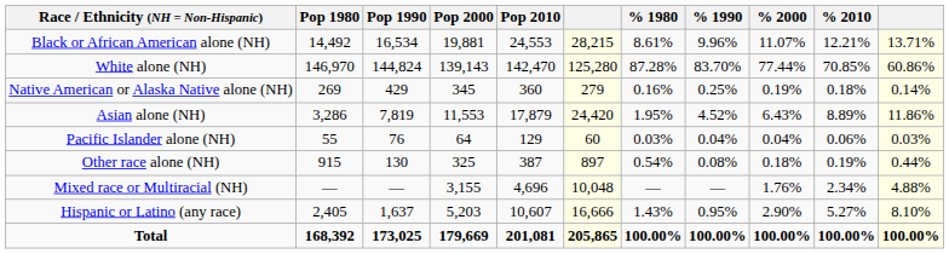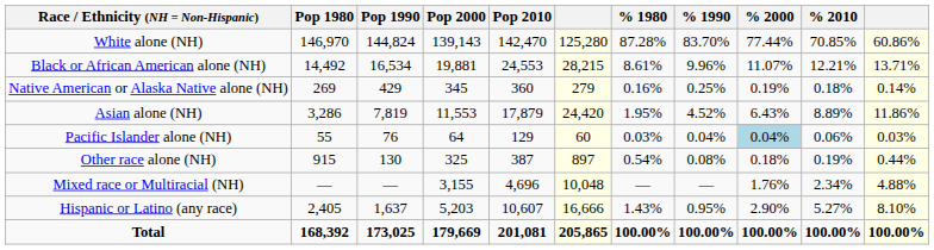 <table class="wikitable" style="text-align:center;">
 <tr>
 <th>Race / Ethnicity <small>(<em>NH = Non-Hispanic</em>)</small></th>
 <th>Pop 1980</th>
 <th>Pop 1990</th>
 <th>Pop 2000</th>
 <th>Pop 2010</th>
 <th></th>
 <th>% 1980</th>
 <th>% 1990</th>
 <th>% 2000</th>
 <th>% 2010</th>
 <th></th>
 </tr>
 <tr>
+<td><a href='#'>White</a> alone (NH)</td>
+<td>146,970</td>
+<td>144,824</td>
+<td>139,143</td>
+<td>142,470</td>
+<td style='background: #ffffe6;'>125,280</td>
+<td>87.28%</td>
+<td>83.70%</td>
+<td>77.44%</td>
+<td>70.85%</td>
+<td style='background: #ffffe6;'>60.86%</td>
+</tr>
+<tr>
 <td><a href='#'>Black or African American</a> alone (NH)</td>
 <td>14,492</td>
 <td>16,534</td>
 <td>19,881</td>
 <td>24,553</td>
 <td style='background: #ffffe6;'>28,215</td>
 <td>8.61%</td>
 <td>9.96%</td>
 <td>11.07%</td>
 <td>12.21%</td>
 <td style='background: #ffffe6;'>13.71%</td>
-</tr>
-<tr>
-<td><a href='#'>White</a> alone (NH)</td>
-<td>146,970</td>
-<td>144,824</td>
-<td>139,143</td>
-<td>142,470</td>
-<td style='background: #ffffe6;'>125,280</td>
-<td>87.28%</td>
-<td>83.70%</td>
-<td>77.44%</td>
-<td>70.85%</td>
-<td style='background: #ffffe6;'>60.86%</td>
 </tr>
 <tr>
 <td><a href='#'>Native American</a> or <a href='#'>Alaska Native</a> alone (NH)</td>
 <td>269</td>
 <td>429</td>
 <td>345</td>
 <td>360</td>
 <td style='background: #ffffe6;'>279</td>
 <td>0.16%</td>
 <td>0.25%</td>
 <td>0.19%</td>
 <td>0.18%</td>
 <td style='background: #ffffe6;'>0.14%</td>
 </tr>
 <tr>
 <td><a href='#'>Asian</a> alone (NH) </td>
 <td>3,286 </td>
 <td>7,819 </td>
 <td>11,553</td>
 <td>17,879</td>
 <td style='background: #ffffe6;'>24,420</td>
 <td>1.95%</td>
 <td>4.52% </td>
 <td>6.43%</td>
 <td>8.89%</td>
 <td style='background: #ffffe6;'>11.86%</td>
 </tr>
 <tr>
 <td><a href='#'>Pacific Islander</a> alone (NH)</td>
 <td>55 </td>
 <td>76 </td>
 <td>64</td>
 <td>129</td>
 <td style='background: #ffffe6;'>60</td>
 <td>0.03%</td>
 <td>0.04%</td>
-<td>0.04%</td>
+<td style="background: lightblue;">0.04%</td>
 <td>0.06%</td>
 <td style='background: #ffffe6;'>0.03%</td>
 </tr>
 <tr>
 <td><a href='#'>Other race</a> alone (NH)</td>
 <td>915 </td>
 <td>130</td>
 <td>325</td>
 <td>387</td>
 <td style='background: #ffffe6;'>897</td>
 <td>0.54%</td>
 <td>0.08%</td>
 <td>0.18%</td>
 <td>0.19%</td>
 <td style='background: #ffffe6;'>0.44%</td>
 </tr>
 <tr>
 <td><a href='#'>Mixed race or Multiracial</a> (NH)</td>
 <td>—</td>
 <td>—</td>
 <td>3,155</td>
 <td>4,696</td>
 <td style='background: #ffffe6;'>10,048</td>
 <td>—</td>
 <td>—</td>
 <td>1.76%</td>
 <td>2.34%</td>
 <td style='background: #ffffe6;'>4.88%</td>
 </tr>
 <tr>
 <td><a href='#'>Hispanic or Latino</a> (any race)</td>
 <td>2,405</td>
 <td>1,637</td>
 <td>5,203</td>
 <td>10,607</td>
 <td style='background: #ffffe6;'>16,666</td>
 <td>1.43%</td>
 <td>0.95%</td>
 <td>2.90%</td>
 <td>5.27%</td>
 <td style='background: #ffffe6;'>8.10%</td>
 </tr>
 <tr>
 <td><strong>Total</strong></td>
 <td><strong>168,392</strong></td>
 <td><strong>173,025</strong></td>
 <td><strong>179,669</strong></td>
 <td><strong>201,081</strong></td>
 <td style='background: #ffffe6;'><strong>205,865</strong></td>
 <td><strong>100.00%</strong></td>
 <td><strong>100.00%</strong></td>
 <td><strong>100.00%</strong></td>
 <td><strong>100.00%</strong></td>
 <td style='background: #ffffe6;'><strong>100.00%</strong></td>
 </tr>
 </table>
